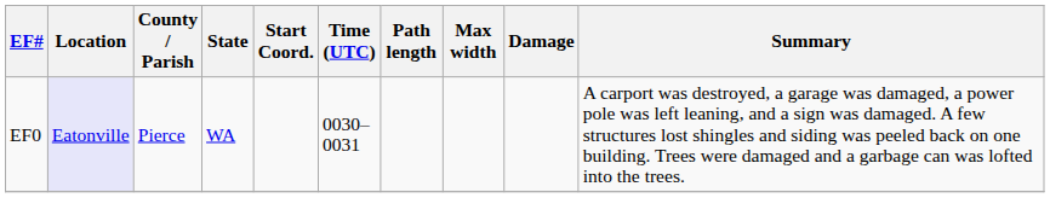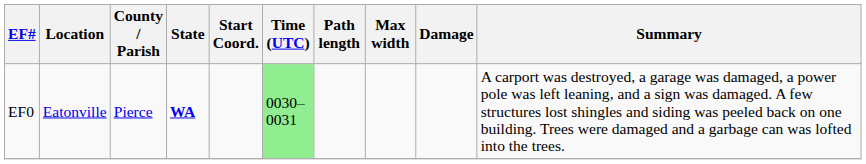 <table class="wikitable sortable" style="width:100%;">
 <tr>
 <th scope="col" width="3%" align="center"><a href='#'>EF#</a></th>
 <th scope="col" width="7%" align="center" class="unsortable">Location</th>
 <th scope="col" width="6%" align="center" class="unsortable">County / Parish</th>
 <th scope="col" width="5%" align="center">State</th>
 <th scope="col" width="6%" align="center">Start Coord.</th>
 <th scope="col" width="6%" align="center">Time (<a href='#'>UTC</a>)</th>
 <th scope="col" width="6%" align="center">Path length</th>
 <th scope="col" width="6%" align="center">Max width</th>
 <th scope="col" width="6%" align="center">Damage</th>
 <th scope="col" width="48%" class="unsortable" align="center">Summary</th>
 </tr>
 <tr>
 <td>EF0</td>
-<td style="background: lavender;"><a href='#'>Eatonville</a></td>
+<td><a href='#'>Eatonville</a></td>
 <td><a href='#'>Pierce</a></td>
-<td><a href='#'>WA</a></td>
+<td><strong><a href='#'>WA</a></strong></td>
 <td></td>
-<td>0030–0031</td>
+<td style="background: lightgreen;">0030–0031</td>
 <td></td>
 <td></td>
 <td></td>
 <td>A carport was destroyed, a garage was damaged, a power pole was left leaning, and a sign was damaged. A few structures lost shingles and siding was peeled back on one building. Trees were damaged and a garbage can was lofted into the trees.</td>
 </tr>
 <tr>
 </tr>
 </table>
